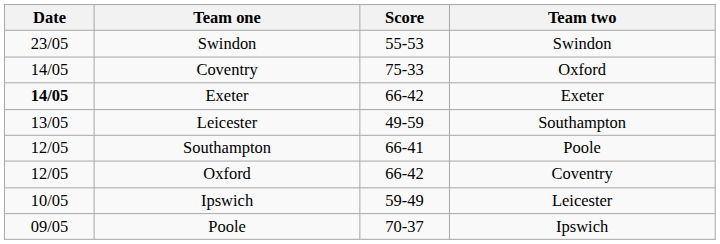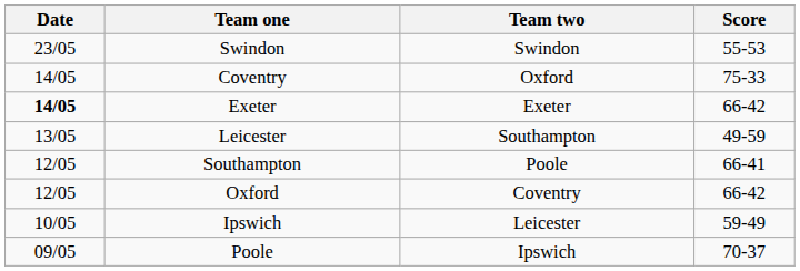 <table class="wikitable" style="text-align: center">
 <tr>
 <th width=80>Date</th>
 <th width=250>Team one</th>
+<th width=250>Team two</th>
 <th width=80>Score</th>
-<th width=250>Team two</th>
 </tr>
 <tr>
 <td>23/05</td>
 <td>Swindon</td>
+<td>Swindon</td>
 <td>55-53</td>
-<td>Swindon</td>
 </tr>
 <tr>
 <td>14/05</td>
 <td>Coventry</td>
+<td>Oxford</td>
 <td>75-33</td>
-<td>Oxford</td>
 </tr>
 <tr>
 <td><strong>14/05</strong></td>
 <td>Exeter</td>
+<td>Exeter</td>
 <td>66-42</td>
-<td>Exeter</td>
 </tr>
 <tr>
 <td>13/05</td>
 <td>Leicester</td>
+<td>Southampton</td>
 <td>49-59</td>
-<td>Southampton</td>
 </tr>
 <tr>
 <td>12/05</td>
 <td>Southampton</td>
+<td>Poole</td>
 <td>66-41</td>
-<td>Poole</td>
 </tr>
 <tr>
 <td>12/05</td>
 <td>Oxford</td>
+<td>Coventry</td>
 <td>66-42</td>
-<td>Coventry</td>
 </tr>
 <tr>
 <td>10/05</td>
 <td>Ipswich</td>
+<td>Leicester</td>
 <td>59-49</td>
-<td>Leicester</td>
 </tr>
 <tr>
 <td>09/05</td>
 <td>Poole</td>
+<td>Ipswich</td>
 <td>70-37</td>
-<td>Ipswich</td>
 </tr>
 </table>
